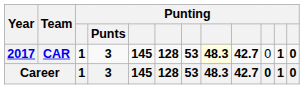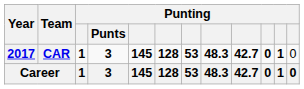 <table class=wikitable style="text-align:center;">
 <tr>
 <th rowspan="2">Year</th>
 <th rowspan="2">Team</th>
 <th colspan="10">Punting</th>
 </tr>
 <tr>
 <th></th>
 <th>Punts</th>
 <th></th>
 <th></th>
 <th></th>
 <th></th>
 <th></th>
 <th></th>
 <th></th>
 <th></th>
 </tr>
 <tr>
 <th><a href='#'>2017</a></th>
 <th><a href='#'>CAR</a></th>
 <td><strong>1</strong></td>
 <td><strong>3</strong></td>
 <td><strong>145</strong></td>
 <td><strong>128</strong></td>
 <td><strong>53</strong></td>
-<td style="background: lightyellow;"><strong>48.3</strong></td>
+<td><strong>48.3</strong></td>
 <td><strong>42.7</strong></td>
+<td><strong>0</strong></td>
+<td><strong>1</strong></td>
 <td>0</td>
-<td><strong>1</strong></td>
-<td><strong>0</strong></td>
 </tr>
 <tr>
 <th colspan="2">Career</th>
 <th>1</th>
 <th>3</th>
 <th>145</th>
 <th>128</th>
 <th>53</th>
 <th>48.3</th>
 <th>42.7</th>
 <th>0</th>
 <th>1</th>
 <th>0</th>
 </tr>
 </table>
